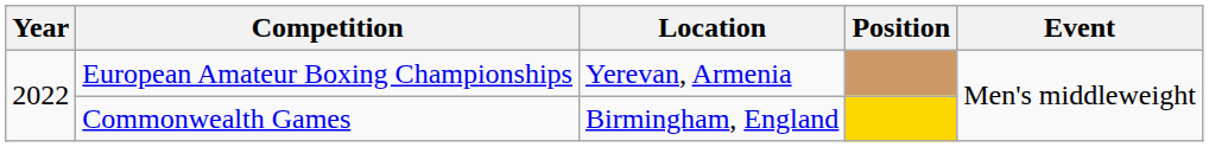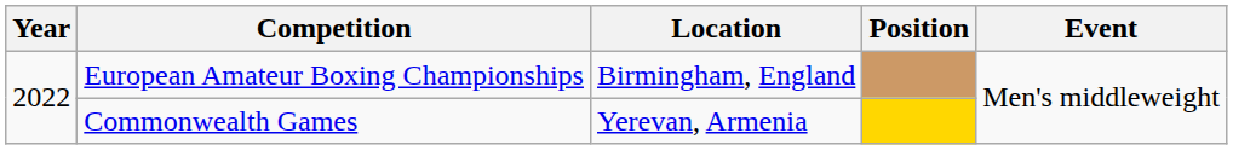 <table class="wikitable">
 <tr>
 <th>Year</th>
 <th>Competition</th>
 <th>Location</th>
 <th>Position</th>
 <th>Event</th>
 </tr>
 <tr>
 <td rowspan="2">2022</td>
 <td><a href='#'>European Amateur Boxing Championships</a></td>
-<td><a href='#'>Yerevan</a>, <a href='#'>Armenia</a></td>
+<td><a href='#'>Birmingham</a>, <a href='#'>England</a></td>
 <td bgcolor=cc9966></td>
 <td rowspan="2">Men's middleweight</td>
 </tr>
 <tr>
 <td><a href='#'>Commonwealth Games</a></td>
-<td><a href='#'>Birmingham</a>, <a href='#'>England</a></td>
+<td><a href='#'>Yerevan</a>, <a href='#'>Armenia</a></td>
 <td bgcolor=gold></td>
 </tr>
 </table>
